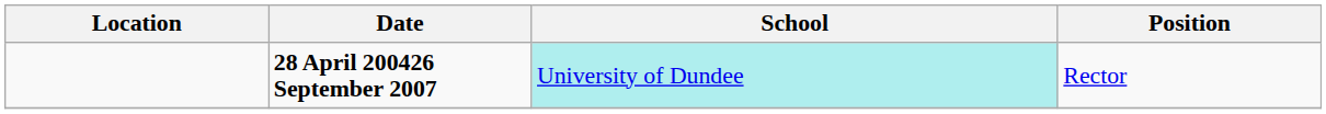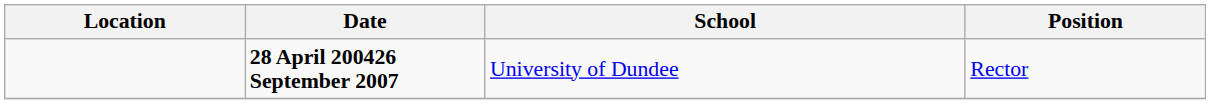 <table class="wikitable" style="width:100%;">
 <tr>
 <th style="width:20%;">Location</th>
 <th style="width:20%;">Date</th>
 <th style="width:40%;">School</th>
 <th style="width:20%;">Position</th>
 </tr>
 <tr>
 <td></td>
 <td><strong>28 April 200426 September 2007</strong></td>
-<td style="background: paleturquoise;"><a href='#'>University of Dundee</a></td>
+<td><a href='#'>University of Dundee</a></td>
 <td><a href='#'>Rector</a></td>
 </tr>
 <tr>
 </tr>
 </table>
